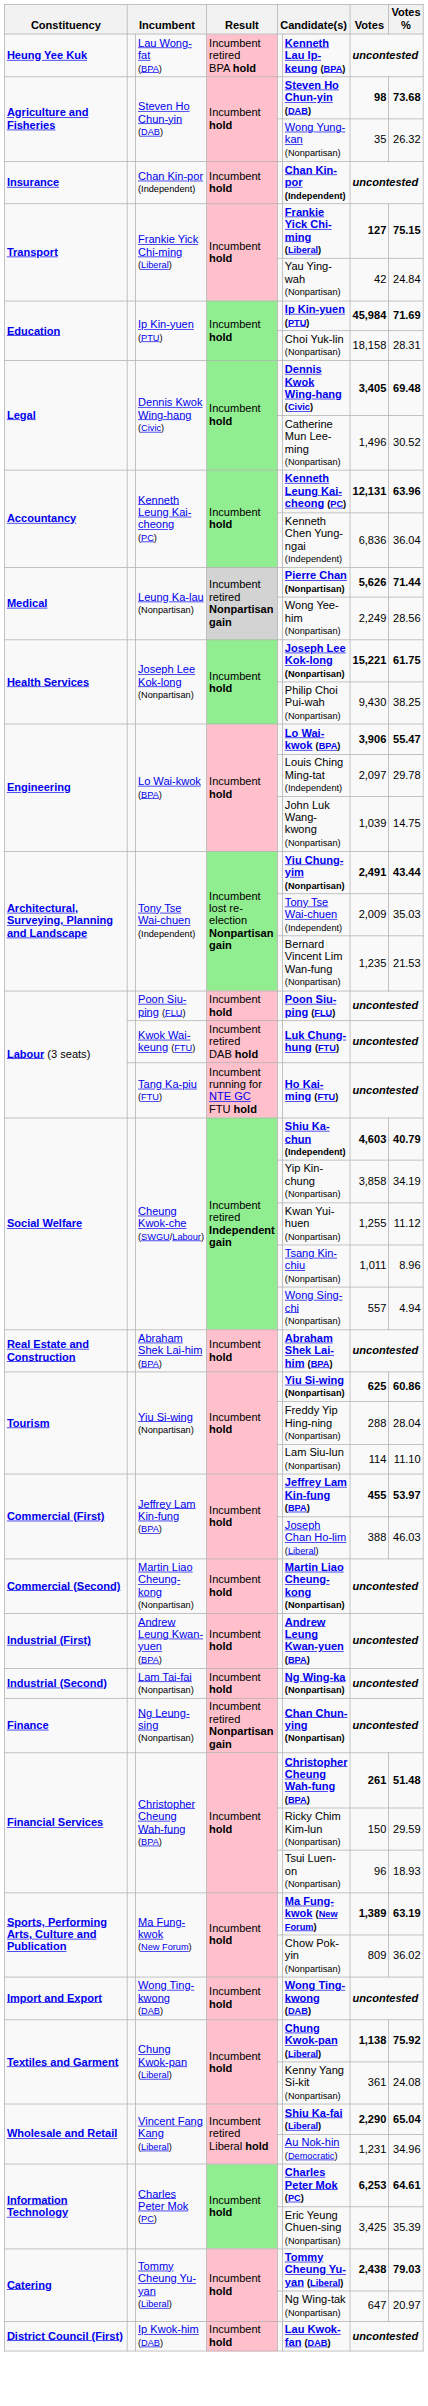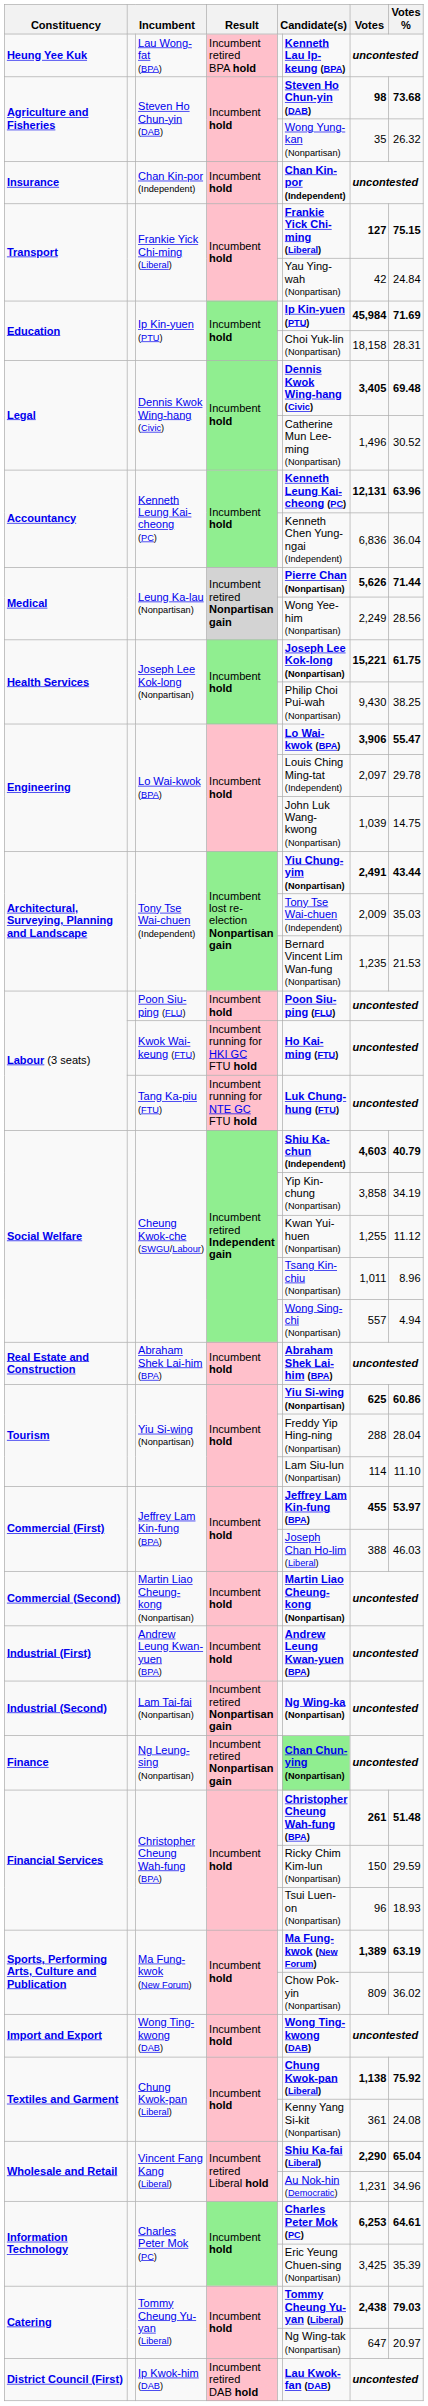 <table class="wikitable collapsible">
 <tr style="text-align:center; font-weight:bold; vertical-align:bottom;">
 <th width=180px>Constituency</th>
 <th colspan=2>Incumbent</th>
 <th>Result</th>
 <th colspan=2>Candidate(s)</th>
 <th>Votes</th>
 <th>Votes %</th>
 </tr>
 <tr>
 <td><strong><a href='#'>Heung Yee Kuk</a></strong></td>
 <td width=5px style="background-color: "></td>
 <td><a href='#'>Lau Wong-fat</a><br><small>(<a href='#'>BPA</a>)</small></td>
 <td bgcolor=Pink>Incumbent retired<br>BPA <strong>hold</strong></td>
 <td style="background-color:"></td>
 <td><strong><a href='#'>Kenneth Lau Ip-keung</a> <small>(<a href='#'>BPA</a>)</small></strong></td>
 <td colspan=2><strong><em>uncontested</em></strong></td>
 </tr>
 <tr>
 <td rowspan=2><strong><a href='#'>Agriculture and Fisheries</a></strong></td>
 <td rowspan=2 style="background-color:"></td>
 <td rowspan=2><a href='#'>Steven Ho Chun-yin</a><br><small>(<a href='#'>DAB</a>)</small></td>
 <td bgcolor=Pink rowspan=2>Incumbent <strong>hold</strong></td>
 <td style="background-color:"></td>
 <td><strong><a href='#'>Steven Ho Chun-yin</a> <small>(<a href='#'>DAB</a>)</small></strong></td>
 <td style="text-align:right;"><strong>98</strong></td>
 <td style="text-align:right;"><strong>73.68</strong></td>
 </tr>
 <tr>
 <td style="background-color:"></td>
 <td><a href='#'>Wong Yung-kan</a> <small>(Nonpartisan)</small></td>
 <td style="text-align:right;">35</td>
 <td style="text-align:right;">26.32</td>
 </tr>
 <tr>
 <td><strong><a href='#'>Insurance</a></strong></td>
 <td style="background-color:"></td>
 <td><a href='#'>Chan Kin-por</a><br><small>(Independent)</small></td>
 <td bgcolor=Pink>Incumbent <strong>hold</strong></td>
 <td style="background-color:"></td>
 <td><strong><a href='#'>Chan Kin-por</a> <small>(Independent)</small></strong></td>
 <td colspan=2><strong><em>uncontested</em></strong></td>
 </tr>
 <tr>
 <td rowspan=2><strong><a href='#'>Transport</a></strong></td>
 <td rowspan=2 style="background-color:"></td>
 <td rowspan=2><a href='#'>Frankie Yick Chi-ming</a><br><small>(<a href='#'>Liberal</a>)</small></td>
 <td bgcolor=Pink rowspan=2>Incumbent <strong>hold</strong></td>
 <td style="background-color:"></td>
 <td><strong><a href='#'>Frankie Yick Chi-ming</a> <small>(<a href='#'>Liberal</a>)</small></strong></td>
 <td style="text-align:right;"><strong>127</strong></td>
 <td style="text-align:right;"><strong>75.15</strong></td>
 </tr>
 <tr>
 <td style="background-color:"></td>
 <td>Yau Ying-wah <small>(Nonpartisan)</small></td>
 <td style="text-align:right;">42</td>
 <td style="text-align:right;">24.84</td>
 </tr>
 <tr>
 <td rowspan=2><strong><a href='#'>Education</a></strong></td>
 <td rowspan=2 style="background-color:"></td>
 <td rowspan=2><a href='#'>Ip Kin-yuen</a><br><small>(<a href='#'>PTU</a>)</small></td>
 <td bgcolor=lightgreen rowspan=2>Incumbent <strong>hold</strong></td>
 <td style="background-color:"></td>
 <td><strong><a href='#'>Ip Kin-yuen</a> <small>(<a href='#'>PTU</a>)</small></strong></td>
 <td style="text-align:right;"><strong>45,984</strong></td>
 <td style="text-align:right;"><strong>71.69</strong></td>
 </tr>
 <tr>
 <td style="background-color:"></td>
 <td>Choi Yuk-lin <small>(Nonpartisan)</small></td>
 <td style="text-align:right;">18,158</td>
 <td style="text-align:right;">28.31</td>
 </tr>
 <tr>
 <td rowspan=2><strong><a href='#'>Legal</a></strong></td>
 <td rowspan=2 style="background-color:"></td>
 <td rowspan=2><a href='#'>Dennis Kwok Wing-hang</a><br><small>(<a href='#'>Civic</a>)</small></td>
 <td bgcolor=lightgreen rowspan=2>Incumbent <strong>hold</strong></td>
 <td style="background-color:"></td>
 <td><strong><a href='#'>Dennis Kwok Wing-hang</a> <small>(<a href='#'>Civic</a>)</small></strong></td>
 <td style="text-align:right;"><strong>3,405</strong></td>
 <td style="text-align:right;"><strong>69.48</strong></td>
 </tr>
 <tr>
 <td style="background-color:"></td>
 <td>Catherine Mun Lee-ming <small>(Nonpartisan)</small></td>
 <td style="text-align:right;">1,496</td>
 <td style="text-align:right;">30.52</td>
 </tr>
 <tr>
 <td rowspan=2><strong><a href='#'>Accountancy</a></strong></td>
 <td rowspan=2 style="background-color:"></td>
 <td rowspan=2><a href='#'>Kenneth Leung Kai-cheong</a><br><small>(<a href='#'>PC</a>)</small></td>
 <td bgcolor=lightgreen rowspan=2>Incumbent <strong>hold</strong></td>
 <td style="background-color:"></td>
 <td><strong><a href='#'>Kenneth Leung Kai-cheong</a> <small>(<a href='#'>PC</a>)</small></strong></td>
 <td style="text-align:right;"><strong>12,131</strong></td>
 <td style="text-align:right;"><strong>63.96</strong></td>
 </tr>
 <tr>
 <td style="background-color:"></td>
 <td>Kenneth Chen Yung-ngai <small>(Independent)</small></td>
 <td style="text-align:right;">6,836</td>
 <td style="text-align:right;">36.04</td>
 </tr>
 <tr>
 <td rowspan=2><strong><a href='#'>Medical</a></strong></td>
 <td rowspan=2 style="background-color:"></td>
 <td rowspan=2><a href='#'>Leung Ka-lau</a><br><small>(Nonpartisan)</small></td>
 <td bgcolor=lightgrey rowspan=2>Incumbent retired<br><strong>Nonpartisan gain</strong></td>
 <td style="background-color:"></td>
 <td><strong><a href='#'>Pierre Chan</a> <small>(Nonpartisan)</small></strong></td>
 <td style="text-align:right;"><strong>5,626</strong></td>
 <td style="text-align:right;"><strong>71.44</strong></td>
 </tr>
 <tr>
 <td style="background-color:"></td>
 <td>Wong Yee-him <small>(Nonpartisan)</small></td>
 <td style="text-align:right;">2,249</td>
 <td style="text-align:right;">28.56</td>
 </tr>
 <tr>
 <td rowspan=2><strong><a href='#'>Health Services</a></strong></td>
 <td rowspan=2 style="background-color:"></td>
 <td rowspan=2><a href='#'>Joseph Lee Kok-long</a><br><small>(Nonpartisan)</small></td>
 <td bgcolor=lightgreen rowspan=2>Incumbent <strong>hold</strong></td>
 <td style="background-color:"></td>
 <td><strong><a href='#'>Joseph Lee Kok-long</a> <small>(Nonpartisan)</small></strong></td>
 <td style="text-align:right;"><strong>15,221</strong></td>
 <td style="text-align:right;"><strong>61.75</strong></td>
 </tr>
 <tr>
 <td style="background-color:"></td>
 <td>Philip Choi Pui-wah <small>(Nonpartisan)</small></td>
 <td style="text-align:right;">9,430</td>
 <td style="text-align:right;">38.25</td>
 </tr>
 <tr>
 <td rowspan=3><strong><a href='#'>Engineering</a></strong></td>
 <td rowspan=3 style="background-color:"></td>
 <td rowspan=3><a href='#'>Lo Wai-kwok</a><br><small>(<a href='#'>BPA</a>)</small></td>
 <td bgcolor=Pink rowspan=3>Incumbent <strong>hold</strong></td>
 <td style="background-color:"></td>
 <td><strong><a href='#'>Lo Wai-kwok</a> <small>(<a href='#'>BPA</a>)</small></strong></td>
 <td style="text-align:right;"><strong>3,906</strong></td>
 <td style="text-align:right;"><strong>55.47</strong></td>
 </tr>
 <tr>
 <td style="background-color:"></td>
 <td>Louis Ching Ming-tat <small>(Independent)</small></td>
 <td style="text-align:right;">2,097</td>
 <td style="text-align:right;">29.78</td>
 </tr>
 <tr>
 <td style="background-color:"></td>
 <td>John Luk Wang-kwong <small>(Nonpartisan)</small></td>
 <td style="text-align:right;">1,039</td>
 <td style="text-align:right;">14.75</td>
 </tr>
 <tr>
 <td rowspan=3><strong><a href='#'>Architectural, Surveying, Planning and Landscape</a></strong></td>
 <td rowspan=3 style="background-color:"></td>
 <td rowspan=3><a href='#'>Tony Tse Wai-chuen</a><br><small>(Independent)</small></td>
 <td bgcolor=lightgreen rowspan=3>Incumbent lost re-election<br><strong>Nonpartisan gain</strong></td>
 <td style="background-color:"></td>
 <td><strong><a href='#'>Yiu Chung-yim</a> <small>(Nonpartisan)</small></strong></td>
 <td style="text-align:right;"><strong>2,491</strong></td>
 <td style="text-align:right;"><strong>43.44</strong></td>
 </tr>
 <tr>
 <td style="background-color:"></td>
 <td><a href='#'>Tony Tse Wai-chuen</a> <small>(Independent)</small></td>
 <td style="text-align:right;">2,009</td>
 <td style="text-align:right;">35.03</td>
 </tr>
 <tr>
 <td style="background-color:"></td>
 <td>Bernard Vincent Lim Wan-fung <small>(Nonpartisan)</small></td>
 <td style="text-align:right;">1,235</td>
 <td style="text-align:right;">21.53</td>
 </tr>
 <tr>
 <td rowspan=3><strong><a href='#'>Labour</a></strong> (3 seats)</td>
 <td style="background-color:"></td>
 <td><a href='#'>Poon Siu-ping</a> <small>(<a href='#'>FLU</a>)</small></td>
 <td bgcolor=Pink>Incumbent <strong>hold</strong></td>
 <td style="background-color:"></td>
 <td><strong><a href='#'>Poon Siu-ping</a> <small>(<a href='#'>FLU</a>)</small></strong></td>
 <td colspan=2><strong><em>uncontested</em></strong></td>
 </tr>
 <tr>
 <td style="background-color:"></td>
 <td><a href='#'>Kwok Wai-keung</a> <small>(<a href='#'>FTU</a>)</small></td>
-<td bgcolor=Pink>Incumbent retired<br>DAB <strong>hold</strong></td>
+<td bgcolor=Pink>Incumbent running for <a href='#'>HKI GC</a><br>FTU <strong>hold</strong></td>
 <td style="background-color:"></td>
-<td><strong><a href='#'>Luk Chung-hung</a> <small>(<a href='#'>FTU</a>)</small></strong></td>
+<td><strong><a href='#'>Ho Kai-ming</a> <small>(<a href='#'>FTU</a>)</small></strong></td>
 <td colspan=2><strong><em>uncontested</em></strong></td>
 </tr>
 <tr>
 <td style="background-color:"></td>
 <td><a href='#'>Tang Ka-piu</a> <small>(<a href='#'>FTU</a>)</small></td>
 <td bgcolor=Pink>Incumbent running for <a href='#'>NTE GC</a><br>FTU <strong>hold</strong></td>
 <td style="background-color:"></td>
-<td><strong><a href='#'>Ho Kai-ming</a> <small>(<a href='#'>FTU</a>)</small></strong></td>
+<td><strong><a href='#'>Luk Chung-hung</a> <small>(<a href='#'>FTU</a>)</small></strong></td>
 <td colspan=2><strong><em>uncontested</em></strong></td>
 </tr>
 <tr>
 <td rowspan=5><strong><a href='#'>Social Welfare</a></strong></td>
 <td rowspan=5 style="background-color:"></td>
 <td rowspan=5><a href='#'>Cheung Kwok-che</a><br><small>(<a href='#'>SWGU</a>/<a href='#'>Labour</a>)</small></td>
 <td bgcolor=lightgreen rowspan=5>Incumbent retired<br><strong>Independent gain</strong></td>
 <td style="background-color:"></td>
 <td><strong><a href='#'>Shiu Ka-chun</a> <small>(Independent)</small></strong></td>
 <td style="text-align:right;"><strong>4,603</strong></td>
 <td style="text-align:right;"><strong>40.79</strong></td>
 </tr>
 <tr>
 <td style="background-color:"></td>
 <td>Yip Kin-chung <small>(Nonpartisan)</small></td>
 <td style="text-align:right;">3,858</td>
 <td style="text-align:right;">34.19</td>
 </tr>
 <tr>
 <td style="background-color:"></td>
 <td>Kwan Yui-huen <small>(Nonpartisan)</small></td>
 <td style="text-align:right;">1,255</td>
 <td style="text-align:right;">11.12</td>
 </tr>
 <tr>
 <td style="background-color:"></td>
 <td><a href='#'>Tsang Kin-chiu</a> <small>(Nonpartisan)</small></td>
 <td style="text-align:right;">1,011</td>
 <td style="text-align:right;">8.96</td>
 </tr>
 <tr>
 <td style="background-color:"></td>
 <td><a href='#'>Wong Sing-chi</a> <small>(Nonpartisan)</small></td>
 <td style="text-align:right;">557</td>
 <td style="text-align:right;">4.94</td>
 </tr>
 <tr>
 <td><strong><a href='#'>Real Estate and Construction</a></strong></td>
 <td style="background-color:"></td>
 <td><a href='#'>Abraham Shek Lai-him</a><br><small>(<a href='#'>BPA</a>)</small></td>
 <td bgcolor=Pink>Incumbent <strong>hold</strong></td>
 <td style="background-color:"></td>
 <td><strong><a href='#'>Abraham Shek Lai-him</a> <small>(<a href='#'>BPA</a>)</small></strong></td>
 <td colspan=2><strong><em>uncontested</em></strong></td>
 </tr>
 <tr>
 <td rowspan=3><strong><a href='#'>Tourism</a></strong></td>
 <td rowspan=3 style="background-color:"></td>
 <td rowspan=3><a href='#'>Yiu Si-wing</a><br><small>(Nonpartisan)</small></td>
 <td bgcolor=Pink rowspan=3>Incumbent <strong>hold</strong></td>
 <td style="background-color:"></td>
 <td><strong><a href='#'>Yiu Si-wing</a> <small>(Nonpartisan)</small></strong></td>
 <td style="text-align:right;"><strong>625</strong></td>
 <td style="text-align:right;"><strong>60.86</strong></td>
 </tr>
 <tr>
 <td style="background-color:"></td>
 <td>Freddy Yip Hing-ning <small>(Nonpartisan)</small></td>
 <td style="text-align:right;">288</td>
 <td style="text-align:right;">28.04</td>
 </tr>
 <tr>
 <td style="background-color:"></td>
 <td>Lam Siu-lun <small>(Nonpartisan)</small></td>
 <td style="text-align:right;">114</td>
 <td style="text-align:right;">11.10</td>
 </tr>
 <tr>
 <td rowspan=2><strong><a href='#'>Commercial (First)</a></strong></td>
 <td rowspan=2 style="background-color:"></td>
 <td rowspan=2><a href='#'>Jeffrey Lam Kin-fung</a><br><small>(<a href='#'>BPA</a>)</small></td>
 <td bgcolor=Pink rowspan=2>Incumbent <strong>hold</strong></td>
 <td style="background-color:"></td>
 <td><strong><a href='#'>Jeffrey Lam Kin-fung</a> <small>(<a href='#'>BPA</a>)</small></strong></td>
 <td style="text-align:right;"><strong>455</strong></td>
 <td style="text-align:right;"><strong>53.97</strong></td>
 </tr>
 <tr>
 <td style="background-color:"></td>
 <td><a href='#'>Joseph Chan Ho-lim</a> <small>(<a href='#'>Liberal</a>)</small></td>
 <td style="text-align:right;">388</td>
 <td style="text-align:right;">46.03</td>
 </tr>
 <tr>
 <td><strong><a href='#'>Commercial (Second)</a></strong></td>
 <td style="background-color:"></td>
 <td><a href='#'>Martin Liao Cheung-kong</a><br><small>(Nonpartisan)</small></td>
 <td bgcolor=Pink>Incumbent <strong>hold</strong></td>
 <td style="background-color:"></td>
 <td><strong><a href='#'>Martin Liao Cheung-kong</a> <small>(Nonpartisan)</small></strong></td>
 <td colspan=2><strong><em>uncontested</em></strong></td>
 </tr>
 <tr>
 <td><strong><a href='#'>Industrial (First)</a></strong></td>
 <td style="background-color:"></td>
 <td><a href='#'>Andrew Leung Kwan-yuen</a><br><small>(<a href='#'>BPA</a>)</small></td>
 <td bgcolor=Pink>Incumbent <strong>hold</strong></td>
 <td style="background-color:"></td>
 <td><strong><a href='#'>Andrew Leung Kwan-yuen</a> <small>(<a href='#'>BPA</a>)</small></strong></td>
 <td colspan=2><strong><em>uncontested</em></strong></td>
 </tr>
 <tr>
 <td><strong><a href='#'>Industrial (Second)</a></strong></td>
 <td style="background-color:"></td>
 <td><a href='#'>Lam Tai-fai</a><br><small>(Nonpartisan)</small></td>
-<td bgcolor=Pink>Incumbent <strong>hold</strong></td>
+<td bgcolor=Pink>Incumbent retired<br><strong>Nonpartisan gain</strong></td>
 <td style="background-color:"></td>
 <td><strong><a href='#'>Ng Wing-ka</a> <small>(Nonpartisan)</small></strong></td>
 <td colspan=2><strong><em>uncontested</em></strong></td>
 </tr>
 <tr>
 <td><strong><a href='#'>Finance</a></strong></td>
 <td style="background-color:"></td>
 <td><a href='#'>Ng Leung-sing</a><br><small>(Nonpartisan)</small></td>
 <td bgcolor=Pink>Incumbent retired<br><strong>Nonpartisan gain</strong></td>
 <td style="background-color:"></td>
-<td><strong><a href='#'>Chan Chun-ying</a> <small>(Nonpartisan)</small></strong></td>
+<td style="background: lightgreen;"><strong><a href='#'>Chan Chun-ying</a> <small>(Nonpartisan)</small></strong></td>
 <td colspan=2><strong><em>uncontested</em></strong></td>
 </tr>
 <tr>
 <td rowspan=3><strong><a href='#'>Financial Services</a></strong></td>
 <td rowspan=3 style="background-color:"></td>
 <td rowspan=3><a href='#'>Christopher Cheung Wah-fung</a><br><small>(<a href='#'>BPA</a>)</small></td>
 <td bgcolor=Pink rowspan=3>Incumbent <strong>hold</strong></td>
 <td style="background-color:"></td>
 <td><strong><a href='#'>Christopher Cheung Wah-fung</a> <small>(<a href='#'>BPA</a>)</small></strong></td>
 <td style="text-align:right;"><strong>261</strong></td>
 <td style="text-align:right;"><strong>51.48</strong></td>
 </tr>
 <tr>
 <td style="background-color:"></td>
 <td>Ricky Chim Kim-lun <small>(Nonpartisan)</small></td>
 <td style="text-align:right;">150</td>
 <td style="text-align:right;">29.59</td>
 </tr>
 <tr>
 <td style="background-color:"></td>
 <td>Tsui Luen-on <small>(Nonpartisan)</small></td>
 <td style="text-align:right;">96</td>
 <td style="text-align:right;">18.93</td>
 </tr>
 <tr>
 <td rowspan=2><strong><a href='#'>Sports, Performing Arts, Culture and Publication</a></strong></td>
 <td rowspan=2 style="background-color:"></td>
 <td rowspan=2><a href='#'>Ma Fung-kwok</a><br><small>(<a href='#'>New Forum</a>)</small></td>
 <td bgcolor=Pink rowspan=2>Incumbent <strong>hold</strong></td>
 <td style="background-color:"></td>
 <td><strong><a href='#'>Ma Fung-kwok</a> <small>(<a href='#'>New Forum</a>)</small></strong></td>
 <td style="text-align:right;"><strong>1,389</strong></td>
 <td style="text-align:right;"><strong>63.19</strong></td>
 </tr>
 <tr>
 <td style="background-color:"></td>
 <td>Chow Pok-yin <small>(Nonpartisan)</small></td>
 <td style="text-align:right;">809</td>
 <td style="text-align:right;">36.02</td>
 </tr>
 <tr>
 <td><strong><a href='#'>Import and Export</a></strong></td>
 <td style="background-color:"></td>
 <td><a href='#'>Wong Ting-kwong</a><br><small>(<a href='#'>DAB</a>)</small></td>
 <td bgcolor=Pink>Incumbent <strong>hold</strong></td>
 <td style="background-color:"></td>
 <td><strong><a href='#'>Wong Ting-kwong</a> <small>(<a href='#'>DAB</a>)</small></strong></td>
 <td colspan=2><strong><em>uncontested</em></strong></td>
 </tr>
 <tr>
 <td rowspan=2><strong><a href='#'>Textiles and Garment</a></strong></td>
 <td rowspan=2 style="background-color:"></td>
 <td rowspan=2><a href='#'>Chung Kwok-pan</a><br><small>(<a href='#'>Liberal</a>)</small></td>
 <td bgcolor=Pink rowspan=2>Incumbent <strong>hold</strong></td>
 <td style="background-color:"></td>
 <td><strong><a href='#'>Chung Kwok-pan</a> <small>(<a href='#'>Liberal</a>)</small></strong></td>
 <td style="text-align:right;"><strong>1,138</strong></td>
 <td style="text-align:right;"><strong>75.92</strong></td>
 </tr>
 <tr>
 <td style="background-color:"></td>
 <td>Kenny Yang Si-kit <small>(Nonpartisan)</small></td>
 <td style="text-align:right;">361</td>
 <td style="text-align:right;">24.08</td>
 </tr>
 <tr>
 <td rowspan=2><strong><a href='#'>Wholesale and Retail</a></strong></td>
 <td rowspan=2 style="background-color:"></td>
 <td rowspan=2><a href='#'>Vincent Fang Kang</a><br><small>(<a href='#'>Liberal</a>)</small></td>
 <td bgcolor=Pink rowspan=2>Incumbent retired<br>Liberal <strong>hold</strong></td>
 <td style="background-color:"></td>
 <td><strong><a href='#'>Shiu Ka-fai</a> <small>(<a href='#'>Liberal</a>)</small></strong></td>
 <td style="text-align:right;"><strong>2,290</strong></td>
 <td style="text-align:right;"><strong>65.04</strong></td>
 </tr>
 <tr>
 <td style="background-color:"></td>
 <td><a href='#'>Au Nok-hin</a> <small>(<a href='#'>Democratic</a>)</small></td>
 <td style="text-align:right;">1,231</td>
 <td style="text-align:right;">34.96</td>
 </tr>
 <tr>
 <td rowspan=2><strong><a href='#'>Information Technology</a></strong></td>
 <td rowspan=2 style="background-color:"></td>
 <td rowspan=2><a href='#'>Charles Peter Mok</a><br><small>(<a href='#'>PC</a>)</small></td>
 <td bgcolor=lightgreen rowspan=2>Incumbent <strong>hold</strong></td>
 <td style="background-color:"></td>
 <td><strong><a href='#'>Charles Peter Mok</a> <small>(<a href='#'>PC</a>)</small></strong></td>
 <td style="text-align:right;"><strong>6,253</strong></td>
 <td style="text-align:right;"><strong>64.61</strong></td>
 </tr>
 <tr>
 <td style="background-color:"></td>
 <td>Eric Yeung Chuen-sing <small>(Nonpartisan)</small></td>
 <td style="text-align:right;">3,425</td>
 <td style="text-align:right;">35.39</td>
 </tr>
 <tr>
 <td rowspan=2><strong><a href='#'>Catering</a></strong></td>
 <td rowspan=2 style="background-color:"></td>
 <td rowspan=2><a href='#'>Tommy Cheung Yu-yan</a><br><small>(<a href='#'>Liberal</a>)</small></td>
 <td bgcolor=Pink rowspan=2>Incumbent <strong>hold</strong></td>
 <td style="background-color:"></td>
 <td><strong><a href='#'>Tommy Cheung Yu-yan</a> <small>(<a href='#'>Liberal</a>)</small></strong></td>
 <td style="text-align:right;"><strong>2,438</strong></td>
 <td style="text-align:right;"><strong>79.03</strong></td>
 </tr>
 <tr>
 <td style="background-color:"></td>
 <td>Ng Wing-tak <small>(Nonpartisan)</small></td>
 <td style="text-align:right;">647</td>
 <td style="text-align:right;">20.97</td>
 </tr>
 <tr>
 <td><strong><a href='#'>District Council (First)</a></strong></td>
 <td style="background-color:"></td>
 <td><a href='#'>Ip Kwok-him</a><br><small>(<a href='#'>DAB</a>)</small></td>
-<td bgcolor=Pink>Incumbent <strong>hold</strong></td>
+<td bgcolor=Pink>Incumbent retired<br>DAB <strong>hold</strong></td>
 <td style="background-color:"></td>
 <td><strong><a href='#'>Lau Kwok-fan</a> <small>(<a href='#'>DAB</a>)</small></strong></td>
 <td colspan=2><strong><em>uncontested</em></strong></td>
 </tr>
 </table>
